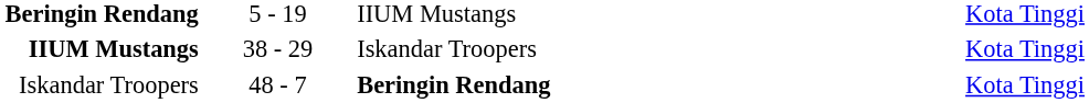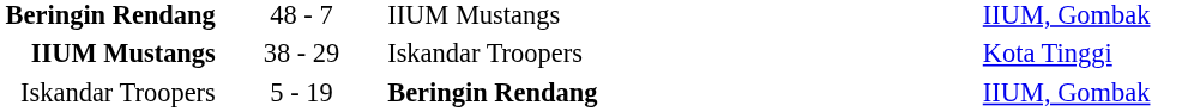 <table width=100% cellspacing=1>
 <tr>
 <th width=25%></th>
 <th width=10%></th>
 <th></th>
 </tr>
 <tr>
 </tr>
 <tr style=font-size:90%>
 <td align=right><strong>Beringin Rendang</strong> </td>
-<td align=center>5 - 19</td>
+<td align=center>48 - 7</td>
 <td> IIUM Mustangs</td>
-<td><a href='#'>Kota Tinggi</a></td>
+<td><a href='#'>IIUM, Gombak</a></td>
 </tr>
 <tr>
 </tr>
 <tr style=font-size:90%>
 <td align=right><strong>IIUM Mustangs</strong> </td>
 <td align=center>38 - 29</td>
 <td> Iskandar Troopers</td>
 <td><a href='#'>Kota Tinggi</a></td>
 </tr>
 <tr>
 </tr>
 <tr style=font-size:90%>
 <td align=right>Iskandar Troopers </td>
-<td align=center>48 - 7</td>
+<td align=center>5 - 19</td>
 <td> <strong>Beringin Rendang</strong></td>
-<td><a href='#'>Kota Tinggi</a></td>
+<td><a href='#'>IIUM, Gombak</a></td>
 </tr>
 </table>
